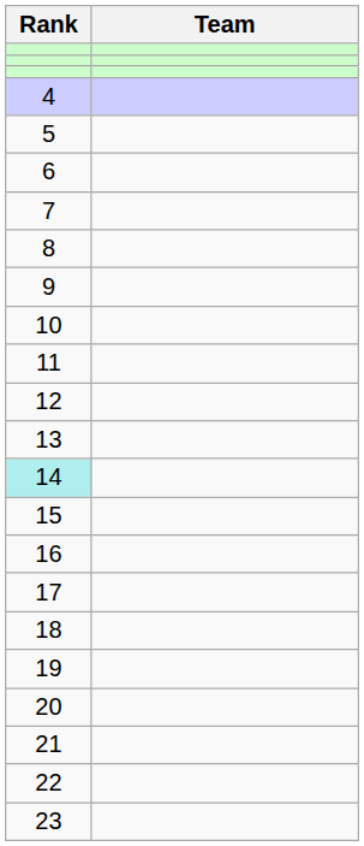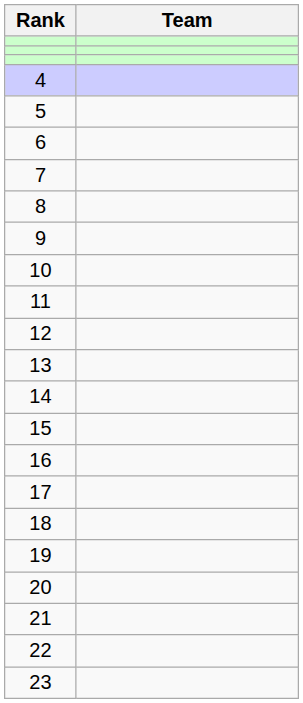 <table class="wikitable" style="text-align: center">
 <tr>
 <th width=50>Rank</th>
 <th width=170>Team</th>
 </tr>
 <tr bgcolor=#ccffcc>
 <td></td>
 <td align=left></td>
 </tr>
 <tr bgcolor=#ccffcc>
 <td></td>
 <td align=left></td>
 </tr>
 <tr bgcolor=#ccffcc>
 <td></td>
 <td align=left></td>
 </tr>
 <tr bgcolor=#ccccff>
 <td>4</td>
 <td align=left></td>
 </tr>
 <tr>
 <td>5</td>
 <td align=left></td>
 </tr>
 <tr>
 <td>6</td>
 <td align=left></td>
 </tr>
 <tr>
 <td>7</td>
 <td align=left></td>
 </tr>
 <tr>
 <td>8</td>
 <td align=left></td>
 </tr>
 <tr>
 <td>9</td>
 <td align=left></td>
 </tr>
 <tr>
 <td>10</td>
 <td align=left></td>
 </tr>
 <tr>
 <td>11</td>
 <td align=left></td>
 </tr>
 <tr>
 <td>12</td>
 <td align=left></td>
 </tr>
 <tr>
 <td>13</td>
 <td align=left></td>
 </tr>
 <tr>
-<td style="background: paleturquoise;">14</td>
+<td>14</td>
 <td align=left></td>
 </tr>
 <tr>
 <td>15</td>
 <td align=left></td>
 </tr>
 <tr>
 <td>16</td>
 <td align=left></td>
 </tr>
 <tr>
 <td>17</td>
 <td align=left></td>
 </tr>
 <tr>
 <td>18</td>
 <td align=left></td>
 </tr>
 <tr>
 <td>19</td>
 <td align=left></td>
 </tr>
 <tr>
 <td>20</td>
 <td align=left></td>
 </tr>
 <tr>
 <td>21</td>
 <td align=left></td>
 </tr>
 <tr>
 <td>22</td>
 <td align=left></td>
 </tr>
 <tr>
 <td>23</td>
 <td align=left></td>
 </tr>
 </table>
